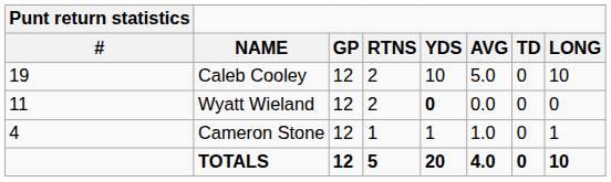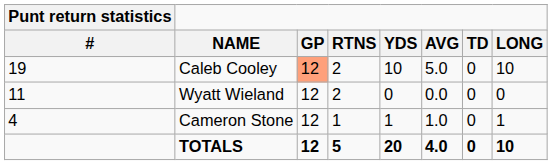 <table class="wikitable collapsible">
 <tr>
 <th style="text-align:center; ">Punt return statistics</th>
 </tr>
 <tr>
 <th>#</th>
 <th>NAME</th>
 <th>GP</th>
 <th>RTNS</th>
 <th>YDS</th>
 <th>AVG</th>
 <th>TD</th>
 <th>LONG</th>
 </tr>
 <tr>
 <td>19</td>
 <td>Caleb Cooley</td>
-<td>12</td>
+<td style="background: lightsalmon;">12</td>
 <td>2</td>
 <td>10</td>
 <td>5.0</td>
 <td>0</td>
 <td>10</td>
 </tr>
 <tr>
 <td>11</td>
 <td>Wyatt Wieland</td>
 <td>12</td>
 <td>2</td>
-<td><strong>0</strong></td>
+<td>0</td>
 <td>0.0</td>
 <td>0</td>
 <td>0</td>
 </tr>
 <tr>
 <td>4</td>
 <td>Cameron Stone</td>
 <td>12</td>
 <td>1</td>
 <td>1</td>
 <td>1.0</td>
 <td>0</td>
 <td>1</td>
 </tr>
 <tr>
 <td></td>
 <td><strong>TOTALS</strong></td>
 <td><strong>12</strong></td>
 <td><strong>5</strong></td>
 <td><strong>20</strong></td>
 <td><strong>4.0</strong></td>
 <td><strong>0</strong></td>
 <td><strong>10</strong></td>
 </tr>
 </table>
